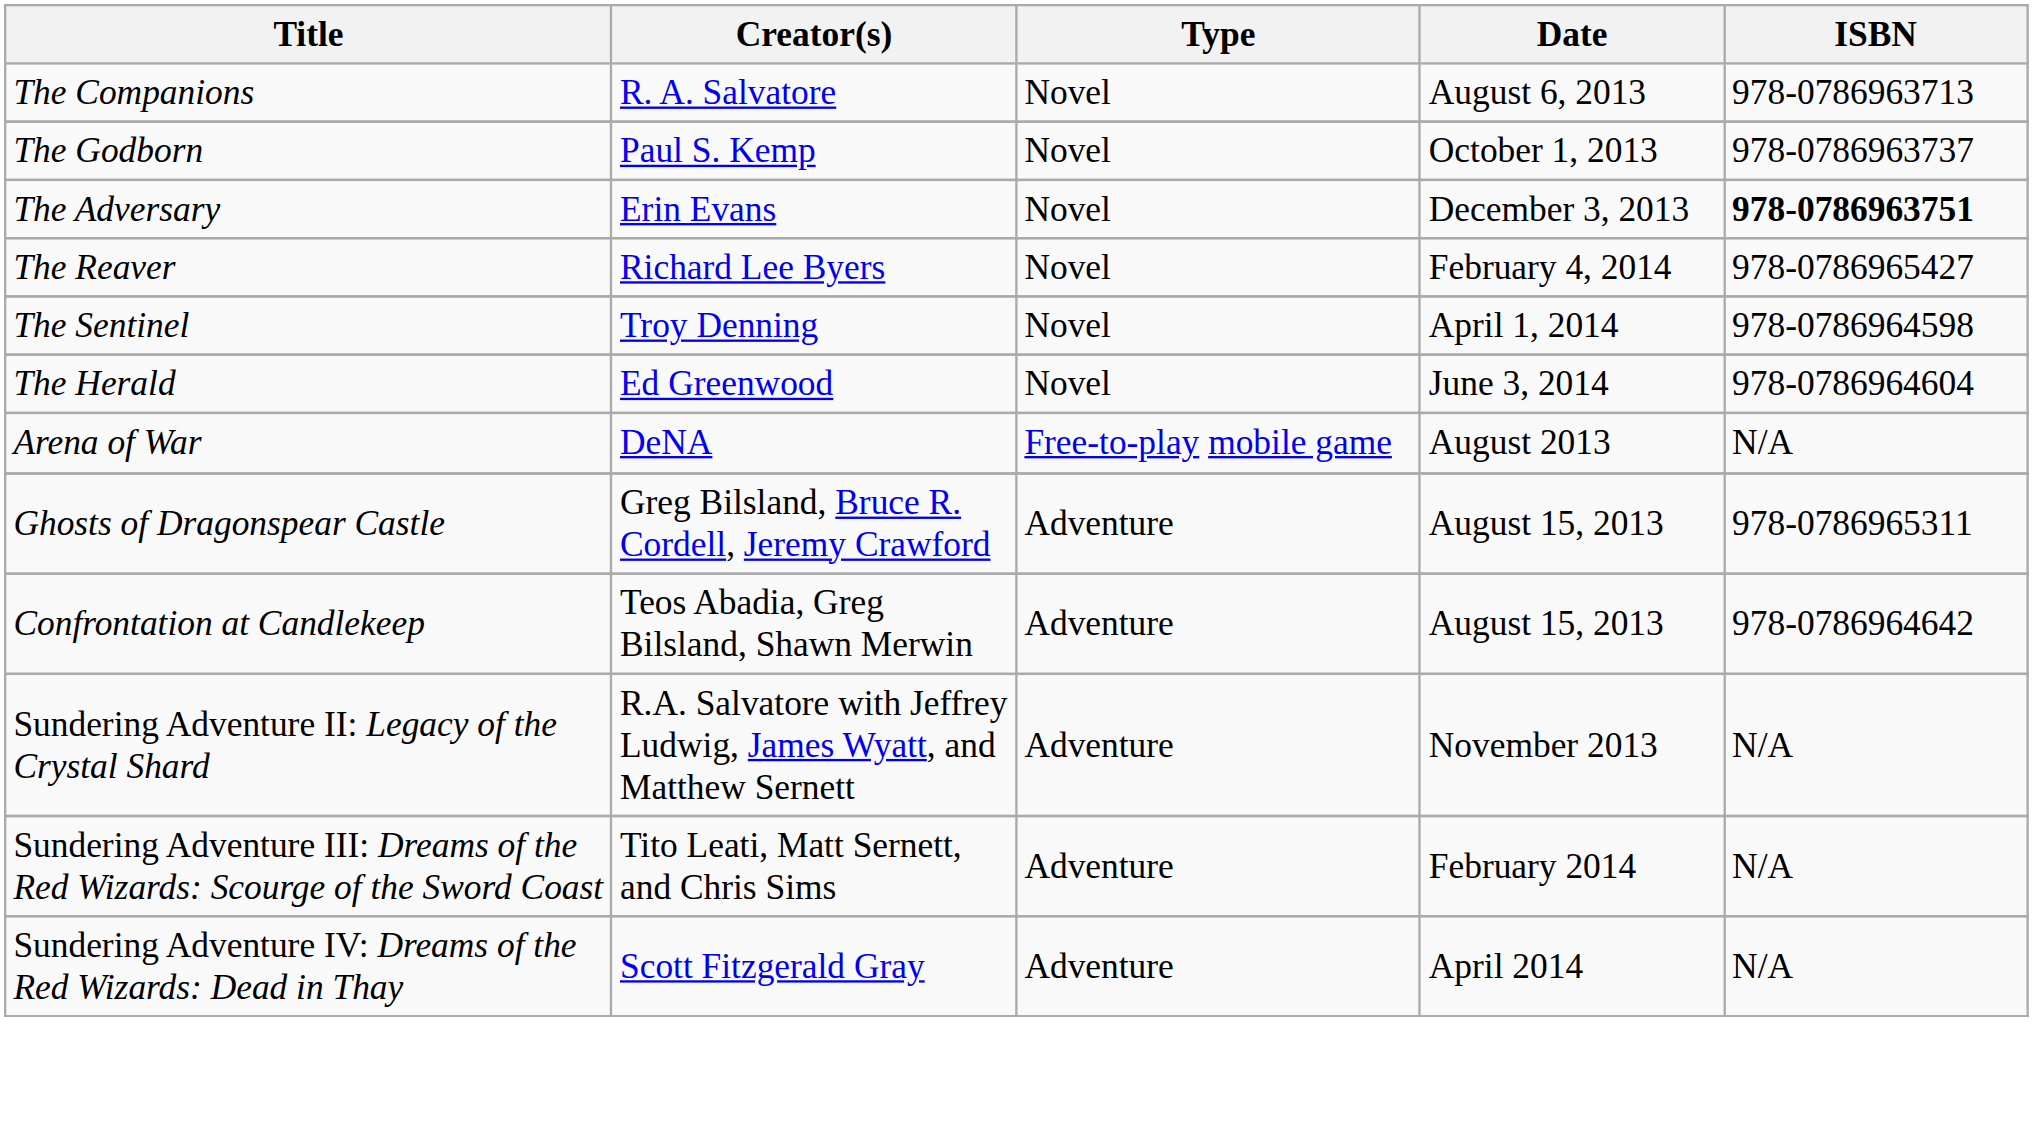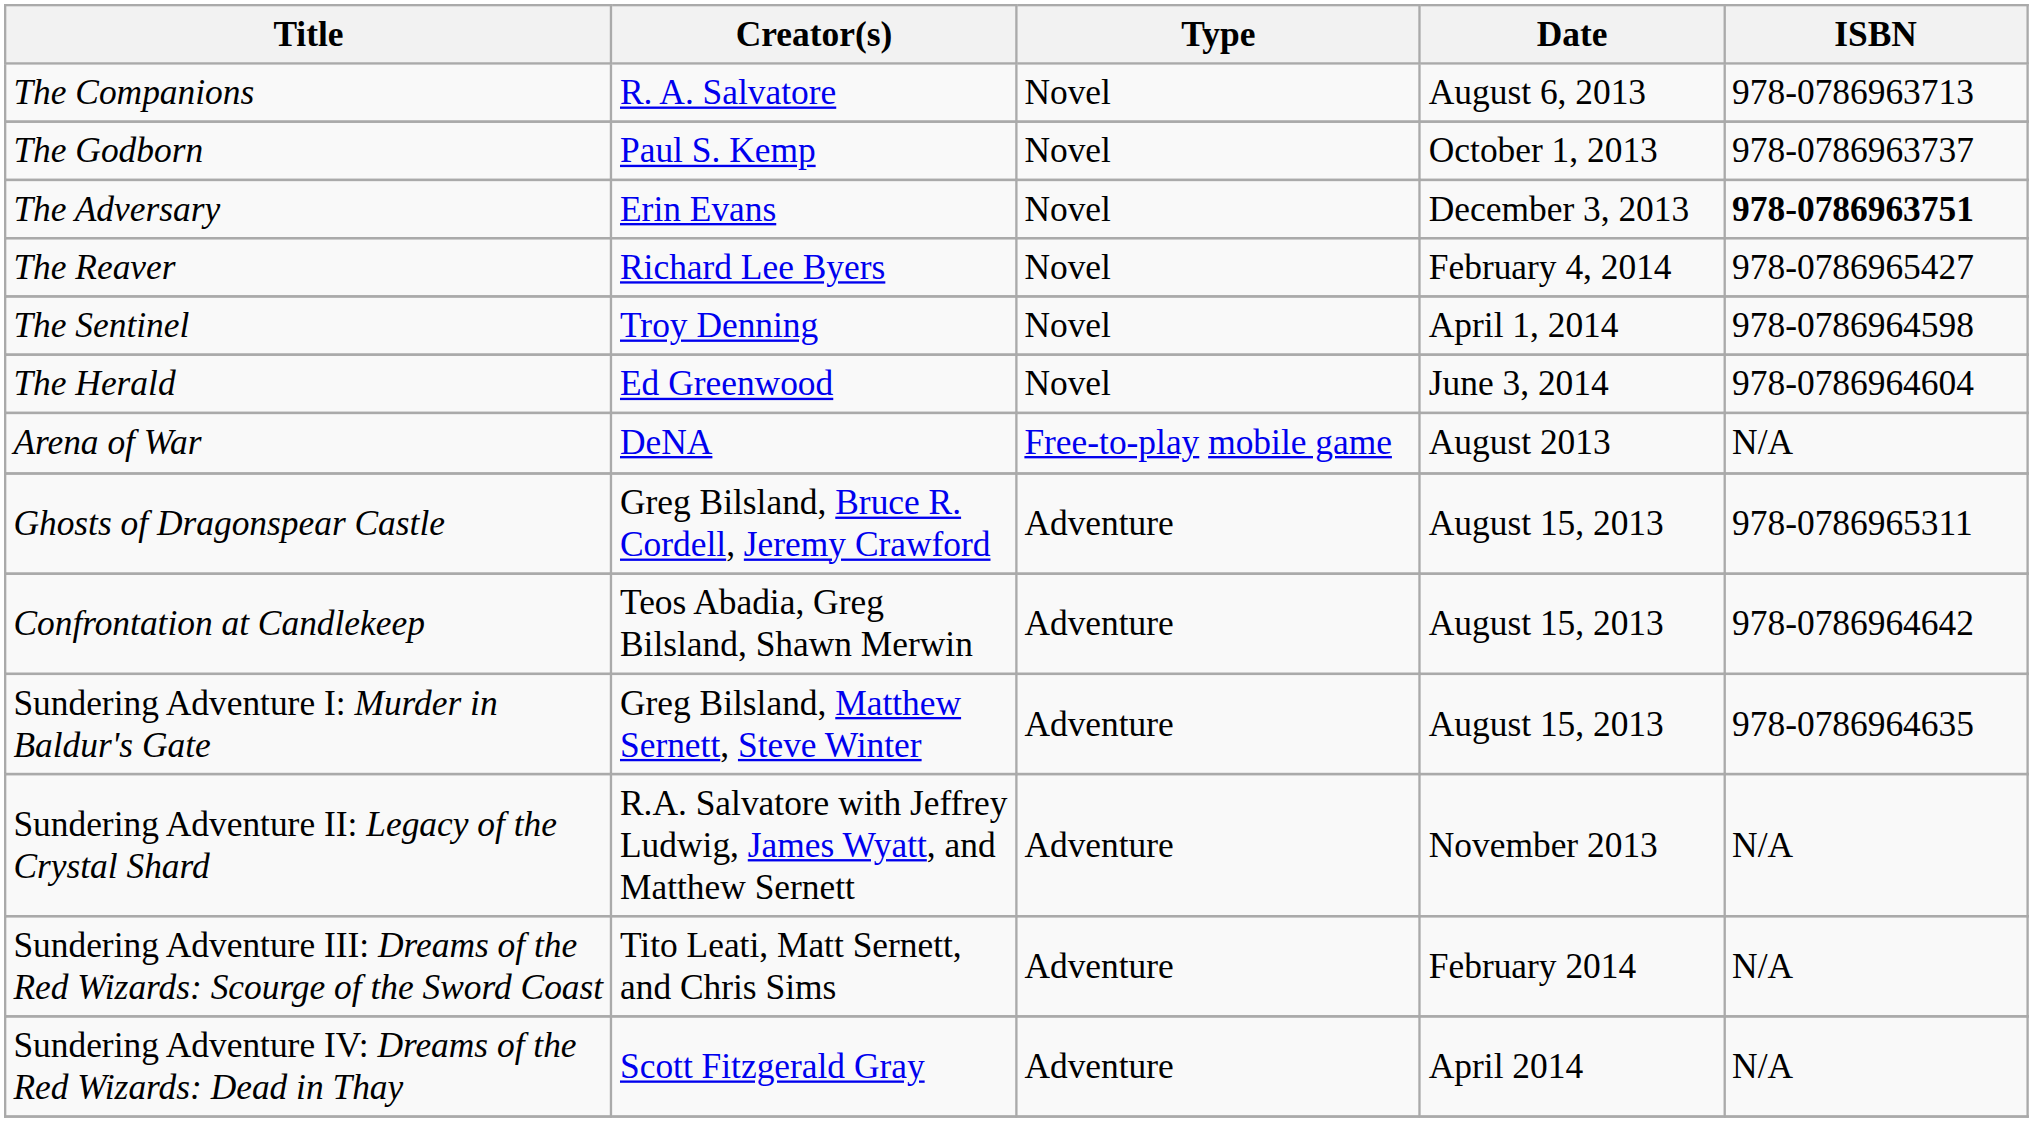 <table class="wikitable sortable" style="margins:auto; width=95%; font-size: 95%;">
 <tr>
 <th width="30%">Title</th>
 <th width="20%">Creator(s)</th>
 <th width="20%">Type</th>
 <th width="15%">Date</th>
 <th width="15%">ISBN</th>
 </tr>
 <tr>
 <td><em>The Companions</em></td>
 <td><a href='#'>R. A. Salvatore</a></td>
 <td>Novel</td>
 <td>August 6, 2013</td>
 <td>978-0786963713</td>
 </tr>
 <tr>
 </tr>
 <tr>
 <td><em>The Godborn</em></td>
 <td><a href='#'>Paul S. Kemp</a></td>
 <td>Novel</td>
 <td>October 1, 2013</td>
 <td>978-0786963737</td>
 </tr>
 <tr>
 </tr>
 <tr>
 <td><em>The Adversary</em></td>
 <td><a href='#'>Erin Evans</a></td>
 <td>Novel</td>
 <td>December 3, 2013</td>
 <td><strong>978-0786963751</strong></td>
 </tr>
 <tr>
 </tr>
 <tr>
 <td><em>The Reaver</em></td>
 <td><a href='#'>Richard Lee Byers</a></td>
 <td>Novel</td>
 <td>February 4, 2014</td>
 <td>978-0786965427</td>
 </tr>
 <tr>
 </tr>
 <tr>
 <td><em>The Sentinel</em></td>
 <td><a href='#'>Troy Denning</a></td>
 <td>Novel</td>
 <td>April 1, 2014</td>
 <td>978-0786964598</td>
 </tr>
 <tr>
 </tr>
 <tr>
 <td><em>The Herald</em></td>
 <td><a href='#'>Ed Greenwood</a></td>
 <td>Novel</td>
 <td>June 3, 2014</td>
 <td>978-0786964604</td>
 </tr>
 <tr>
 </tr>
 <tr>
 <td><em>Arena of War</em></td>
 <td><a href='#'>DeNA</a></td>
 <td><a href='#'>Free-to-play</a> <a href='#'>mobile game</a></td>
 <td>August 2013</td>
 <td>N/A</td>
 </tr>
 <tr>
 </tr>
 <tr>
 <td><em>Ghosts of Dragonspear Castle</em></td>
 <td>Greg Bilsland, <a href='#'>Bruce R. Cordell</a>, <a href='#'>Jeremy Crawford</a></td>
 <td>Adventure</td>
 <td>August 15, 2013</td>
 <td>978-0786965311</td>
 </tr>
 <tr>
 </tr>
 <tr>
 <td><em>Confrontation at Candlekeep</em></td>
 <td>Teos Abadia, Greg Bilsland, Shawn Merwin</td>
 <td>Adventure</td>
 <td>August 15, 2013</td>
 <td>978-0786964642</td>
 </tr>
 <tr>
 </tr>
 <tr>
+<td>Sundering Adventure I: <em>Murder in Baldur's Gate</em></td>
+<td>Greg Bilsland, <a href='#'>Matthew Sernett</a>, <a href='#'>Steve Winter</a></td>
+<td>Adventure</td>
+<td>August 15, 2013</td>
+<td>978-0786964635</td>
+</tr>
+<tr>
 </tr>
 <tr>
 <td>Sundering Adventure II: <em>Legacy of the Crystal Shard</em></td>
 <td>R.A. Salvatore with Jeffrey Ludwig, <a href='#'>James Wyatt</a>, and Matthew Sernett</td>
 <td>Adventure</td>
 <td>November 2013</td>
 <td>N/A</td>
 </tr>
 <tr>
 </tr>
 <tr>
 <td>Sundering Adventure III: <em>Dreams of the Red Wizards: Scourge of the Sword Coast</em></td>
 <td>Tito Leati, Matt Sernett, and Chris Sims</td>
 <td>Adventure</td>
 <td>February 2014</td>
 <td>N/A</td>
 </tr>
 <tr>
 </tr>
 <tr>
 <td>Sundering Adventure IV: <em>Dreams of the Red Wizards: Dead in Thay</em></td>
 <td><a href='#'>Scott Fitzgerald Gray</a></td>
 <td>Adventure</td>
 <td>April 2014</td>
 <td>N/A</td>
 </tr>
 <tr>
 </tr>
 </table>
